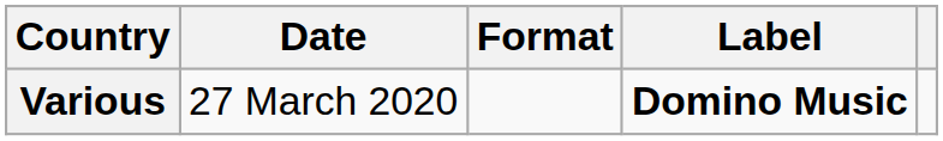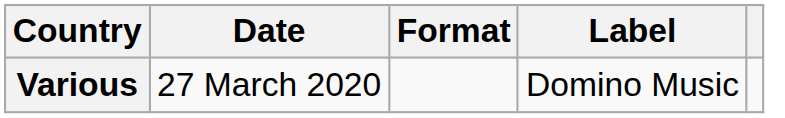 <table class="wikitable plainrowheaders" border="1">
 <tr>
 <th scope="col">Country</th>
 <th scope="col">Date</th>
 <th scope="col">Format</th>
 <th scope="col">Label</th>
 <th scope="col"></th>
 </tr>
 <tr>
 <th scope="row" rowspan="2">Various</th>
 <td>27 March 2020</td>
 <td></td>
-<td rowspan="1"><strong>Domino Music</strong></td>
+<td rowspan="1">Domino Music</td>
 <td align="center"></td>
 </tr>
 </table>
